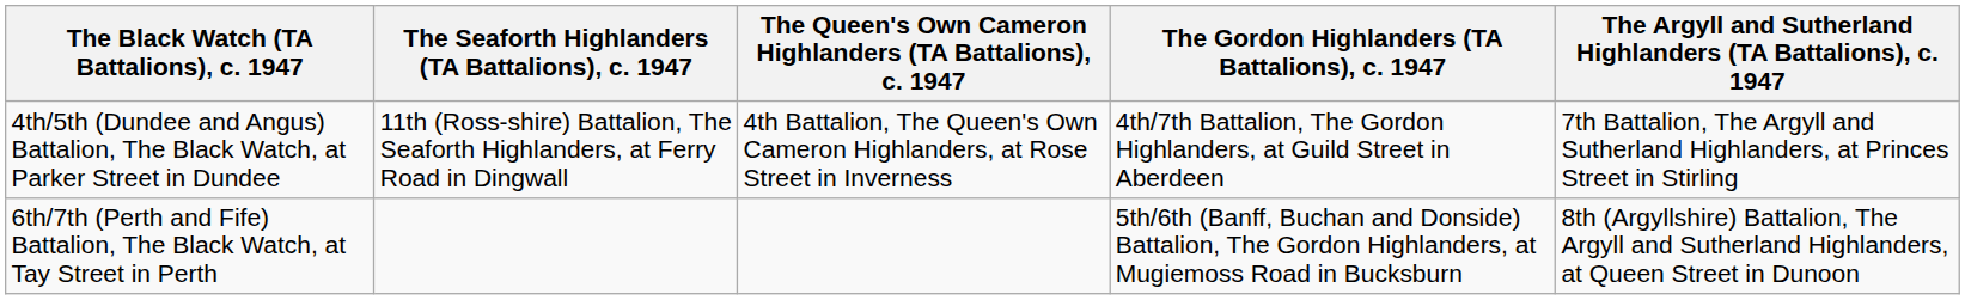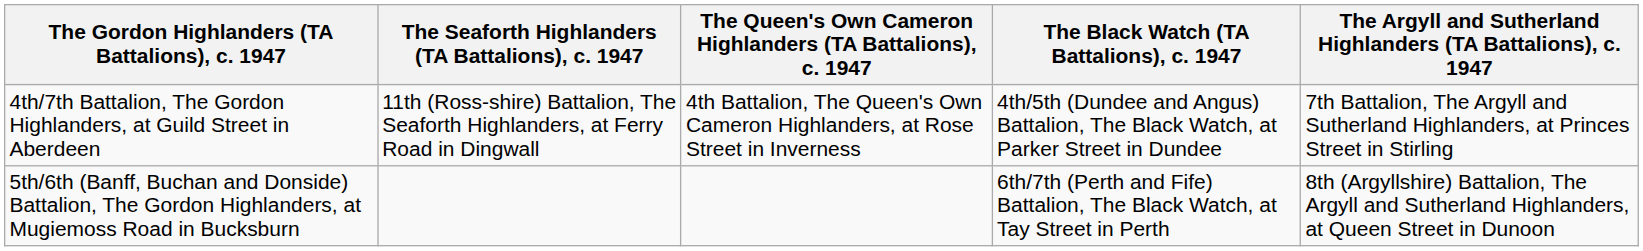 <table class="wikitable">
 <tr>
-<th>The Black Watch (TA Battalions), c. 1947</th>
+<th>The Gordon Highlanders (TA Battalions), c. 1947</th>
 <th>The Seaforth Highlanders (TA Battalions), c. 1947</th>
 <th>The Queen's Own Cameron Highlanders (TA Battalions), c. 1947</th>
-<th>The Gordon Highlanders (TA Battalions), c. 1947</th>
+<th>The Black Watch (TA Battalions), c. 1947</th>
 <th>The Argyll and Sutherland Highlanders (TA Battalions), c. 1947</th>
 </tr>
 <tr>
-<td>4th/5th (Dundee and Angus) Battalion, The Black Watch, at Parker Street in Dundee</td>
+<td>4th/7th Battalion, The Gordon Highlanders, at Guild Street in Aberdeen</td>
 <td>11th (Ross-shire) Battalion, The Seaforth Highlanders, at Ferry Road in Dingwall</td>
 <td>4th Battalion, The Queen's Own Cameron Highlanders, at Rose Street in Inverness</td>
-<td>4th/7th Battalion, The Gordon Highlanders, at Guild Street in Aberdeen</td>
+<td>4th/5th (Dundee and Angus) Battalion, The Black Watch, at Parker Street in Dundee</td>
 <td>7th Battalion, The Argyll and Sutherland Highlanders, at Princes Street in Stirling</td>
 </tr>
 <tr>
-<td>6th/7th (Perth and Fife) Battalion, The Black Watch, at Tay Street in Perth</td>
+<td>5th/6th (Banff, Buchan and Donside) Battalion, The Gordon Highlanders, at Mugiemoss Road in Bucksburn</td>
 <td></td>
 <td></td>
-<td>5th/6th (Banff, Buchan and Donside) Battalion, The Gordon Highlanders, at Mugiemoss Road in Bucksburn</td>
+<td>6th/7th (Perth and Fife) Battalion, The Black Watch, at Tay Street in Perth</td>
 <td>8th (Argyllshire) Battalion,  The Argyll and Sutherland Highlanders, at Queen Street in Dunoon</td>
 </tr>
 </table>
